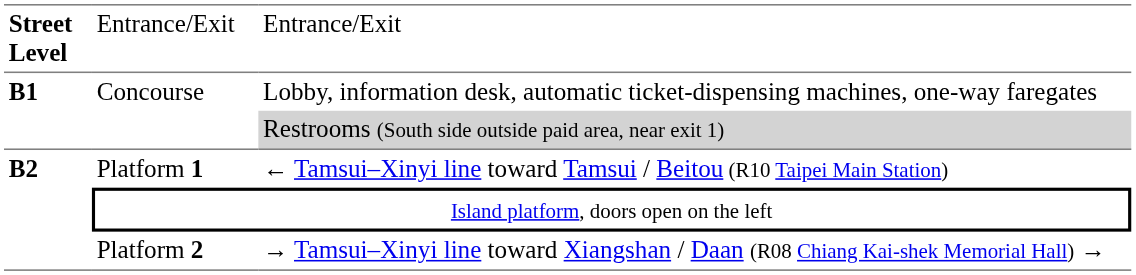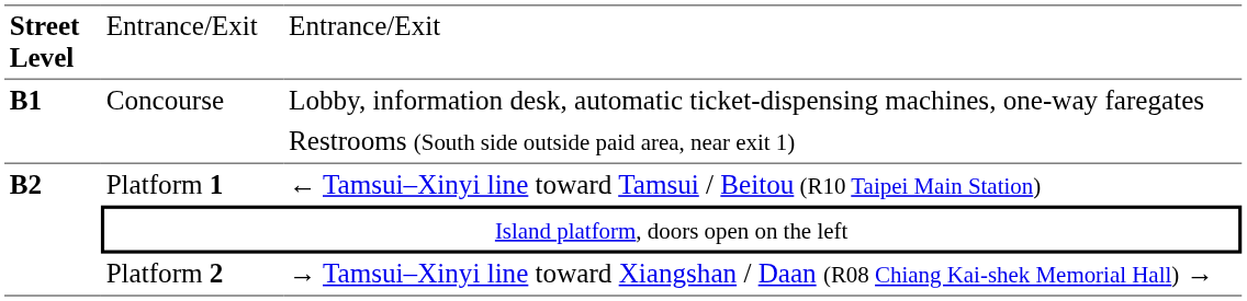 <table table border=0 cellspacing=0 cellpadding=3>
 <tr>
 <td style="border-bottom:solid 1px gray;border-top:solid 1px gray;" width=50 valign=top><strong>Street Level</strong></td>
 <td style="border-top:solid 1px gray;border-bottom:solid 1px gray;" width=100 valign=top>Entrance/Exit</td>
 <td style="border-top:solid 1px gray;border-bottom:solid 1px gray;" width=550 valign=top>Entrance/Exit</td>
 </tr>
 <tr>
 <td style="border-bottom:solid 1px gray;" rowspan=2 valign=top><strong>B1</strong></td>
 <td style="border-bottom:solid 1px gray;" rowspan=2 valign=top>Concourse</td>
 <td width=390>Lobby, information desk, automatic ticket-dispensing machines, one-way faregates</td>
 </tr>
 <tr>
-<td style="background: lightgrey; border-bottom:solid 1px gray;">Restrooms <small>(South side outside paid area, near exit 1)</small></td>
+<td style="border-bottom:solid 1px gray;">Restrooms <small>(South side outside paid area, near exit 1)</small></td>
 </tr>
 <tr>
 <td style="border-bottom:solid 1px gray;" rowspan=3 valign=top><strong>B2</strong></td>
 <td>Platform <span><strong>1</strong></span></td>
 <td>←  <a href='#'>Tamsui–Xinyi line</a> toward <a href='#'>Tamsui</a> / <a href='#'>Beitou</a><small> (R10 <a href='#'>Taipei Main Station</a>)</small></td>
 </tr>
 <tr>
 <td style="border-top:solid 2px black;border-right:solid 2px black;border-left:solid 2px black;border-bottom:solid 2px black;text-align:center;" colspan=2><small><a href='#'>Island platform</a>, doors open on the left</small></td>
 </tr>
 <tr>
 <td style="border-bottom:solid 1px gray;">Platform <span><strong>2</strong></span></td>
 <td style="border-bottom:solid 1px gray;"><span>→</span>  <a href='#'>Tamsui–Xinyi line</a> toward <a href='#'>Xiangshan</a> / <a href='#'>Daan</a> <small>(R08 <a href='#'>Chiang Kai-shek Memorial Hall</a>)</small> →</td>
 </tr>
 </table>
